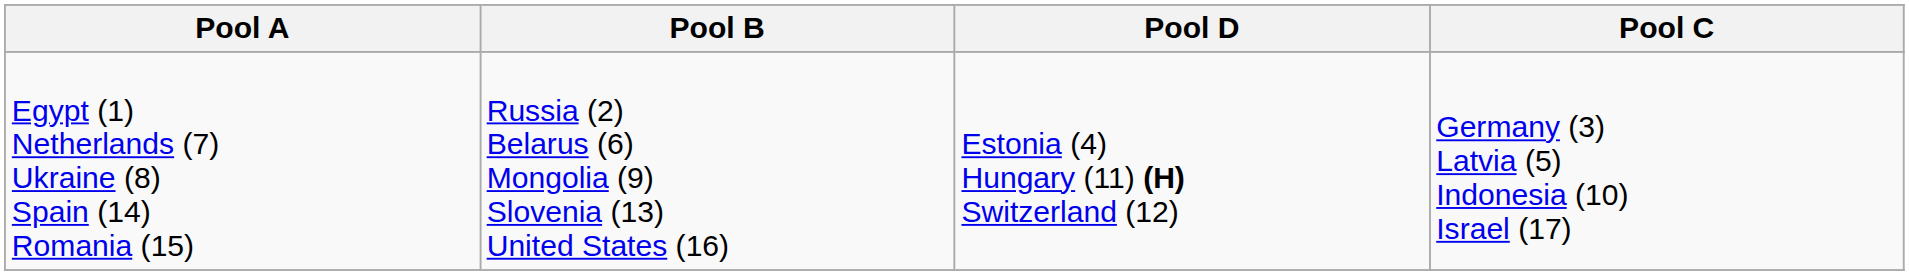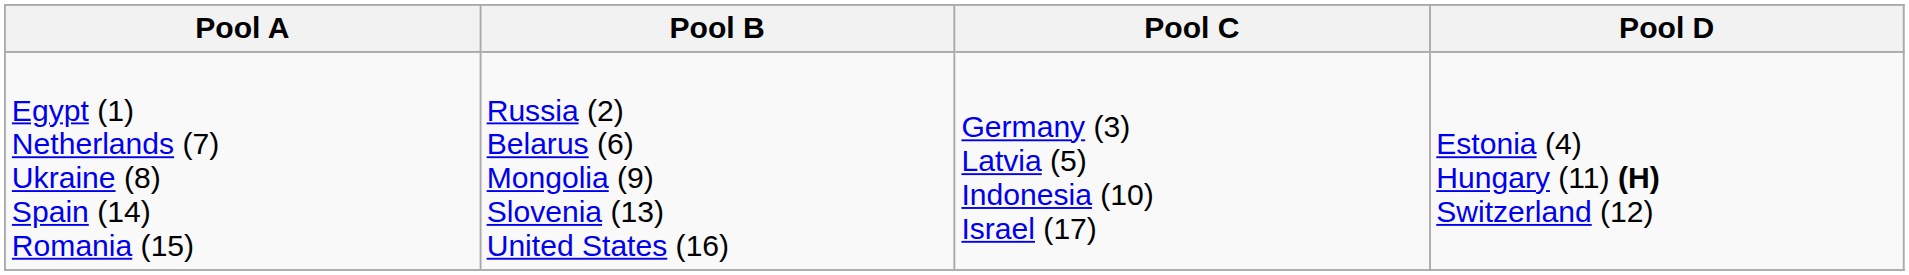 <table class="wikitable" width=80%>
 <tr>
 <th width=25%><strong>Pool A</strong></th>
 <th width=25%><strong>Pool B</strong></th>
+<th width=25%><strong>Pool C</strong></th>
 <th width=25%><strong>Pool D</strong></th>
-<th width=25%><strong>Pool C</strong></th>
 </tr>
 <tr>
 <td><br> <a href='#'>Egypt</a> (1) <br>  <a href='#'>Netherlands</a> (7) <br>  <a href='#'>Ukraine</a> (8) <br>  <a href='#'>Spain</a> (14) <br>  <a href='#'>Romania</a> (15) <br></td>
 <td><br> <a href='#'>Russia</a> (2) <br>  <a href='#'>Belarus</a> (6)<br>   <a href='#'>Mongolia</a> (9)<br>   <a href='#'>Slovenia</a> (13) <br>  <a href='#'>United States</a> (16) <br></td>
+<td><br> <a href='#'>Germany</a> (3) <br>   <a href='#'>Latvia</a> (5) <br>   <a href='#'>Indonesia</a> (10) <br>   <a href='#'>Israel</a> (17) <br></td>
 <td><br> <a href='#'>Estonia</a> (4) <br>  <a href='#'>Hungary</a> (11) <strong>(H)</strong> <br>  <a href='#'>Switzerland</a> (12) <br></td>
-<td><br> <a href='#'>Germany</a> (3) <br>   <a href='#'>Latvia</a> (5) <br>   <a href='#'>Indonesia</a> (10) <br>   <a href='#'>Israel</a> (17) <br></td>
 </tr>
 </table>
